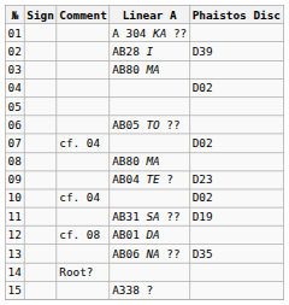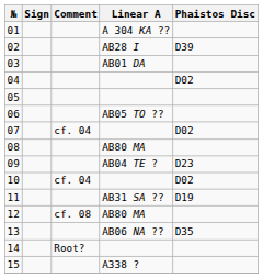 <table class="wikitable">
 <tr>
 <th>№</th>
 <th>Sign</th>
 <th>Comment</th>
 <th>Linear A</th>
 <th>Phaistos Disc</th>
 </tr>
 <tr>
 <td>01</td>
 <td></td>
 <td></td>
 <td>A 304  <em>KA</em> ??</td>
 <td></td>
 </tr>
 <tr>
 <td>02</td>
 <td></td>
 <td></td>
 <td>AB28  <em>I</em></td>
 <td>D39 </td>
 </tr>
 <tr>
 <td>03</td>
 <td></td>
 <td></td>
-<td>AB80  <em>MA</em></td>
+<td>AB01  <em>DA</em></td>
 <td></td>
 </tr>
 <tr>
 <td>04</td>
 <td></td>
 <td></td>
 <td></td>
 <td>D02 </td>
 </tr>
 <tr>
 <td>05</td>
 <td></td>
 <td></td>
 <td></td>
 <td></td>
 </tr>
 <tr>
 <td>06</td>
 <td></td>
 <td></td>
 <td>AB05  <em>TO</em> ??</td>
 <td></td>
 </tr>
 <tr>
 <td>07</td>
 <td></td>
 <td>cf. 04</td>
 <td></td>
 <td>D02 </td>
 </tr>
 <tr>
 <td>08</td>
 <td></td>
 <td></td>
 <td>AB80  <em>MA</em></td>
 <td></td>
 </tr>
 <tr>
 <td>09</td>
 <td></td>
 <td></td>
 <td>AB04  <em>TE</em> ?</td>
 <td>D23 </td>
 </tr>
 <tr>
 <td>10</td>
 <td></td>
 <td>cf. 04</td>
 <td></td>
 <td>D02 </td>
 </tr>
 <tr>
 <td>11</td>
 <td></td>
 <td></td>
 <td>AB31  <em>SA</em> ??</td>
 <td>D19 </td>
 </tr>
 <tr>
 <td>12</td>
 <td></td>
 <td>cf. 08</td>
-<td>AB01  <em>DA</em></td>
+<td>AB80  <em>MA</em></td>
 <td></td>
 </tr>
 <tr>
 <td>13</td>
 <td></td>
 <td></td>
 <td>AB06  <em>NA</em> ??</td>
 <td>D35 </td>
 </tr>
 <tr>
 <td>14</td>
 <td></td>
 <td>Root?</td>
 <td></td>
 <td></td>
 </tr>
 <tr>
 <td>15</td>
 <td></td>
 <td></td>
 <td>A338  ?</td>
 <td></td>
 </tr>
 <tr>
 </tr>
 </table>
